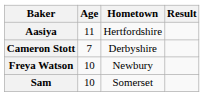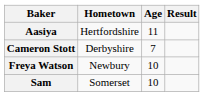 <table class="wikitable sortable" style="display:inline-table; text-align:center">
 <tr>
 <th scope="col">Baker</th>
+<th scope="col">Hometown</th>
 <th scope="col">Age</th>
-<th scope="col">Hometown</th>
 <th scope="col">Result</th>
 </tr>
 <tr>
 <th scope="row">Aasiya</th>
+<td>Hertfordshire</td>
 <td>11</td>
-<td>Hertfordshire</td>
 <td></td>
 </tr>
 <tr>
 <th scope="row">Cameron Stott</th>
+<td>Derbyshire</td>
 <td>7</td>
-<td>Derbyshire</td>
 <td></td>
 </tr>
 <tr>
 <th scope="row">Freya Watson</th>
+<td>Newbury</td>
 <td>10</td>
-<td>Newbury</td>
 <td></td>
 </tr>
 <tr>
 <th scope="row">Sam</th>
+<td>Somerset</td>
 <td>10</td>
-<td>Somerset</td>
 <td></td>
 </tr>
 </table>
